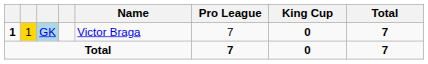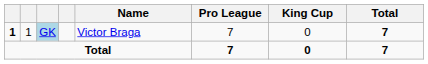 <table class="wikitable" style="text-align:center">
 <tr>
 <th width=15></th>
 <th width=15></th>
 <th width=15></th>
 <th width=15></th>
 <th width=155>Name</th>
 <th width=100>Pro League</th>
 <th width=100>King Cup</th>
 <th width=100>Total</th>
 </tr>
 <tr>
 <td><strong>1</strong></td>
-<td style="background: gold;">1</td>
+<td>1</td>
 <td style="background: lightblue;"><a href='#'>GK</a></td>
 <td></td>
 <td align=left><a href='#'>Victor Braga</a></td>
 <td>7</td>
-<td><strong>0</strong></td>
+<td>0</td>
 <td><strong>7</strong></td>
 </tr>
 <tr>
 <td colspan=5><strong>Total</strong></td>
 <td><strong>7</strong></td>
 <td><strong>0</strong></td>
 <td><strong>7</strong></td>
 </tr>
 </table>
